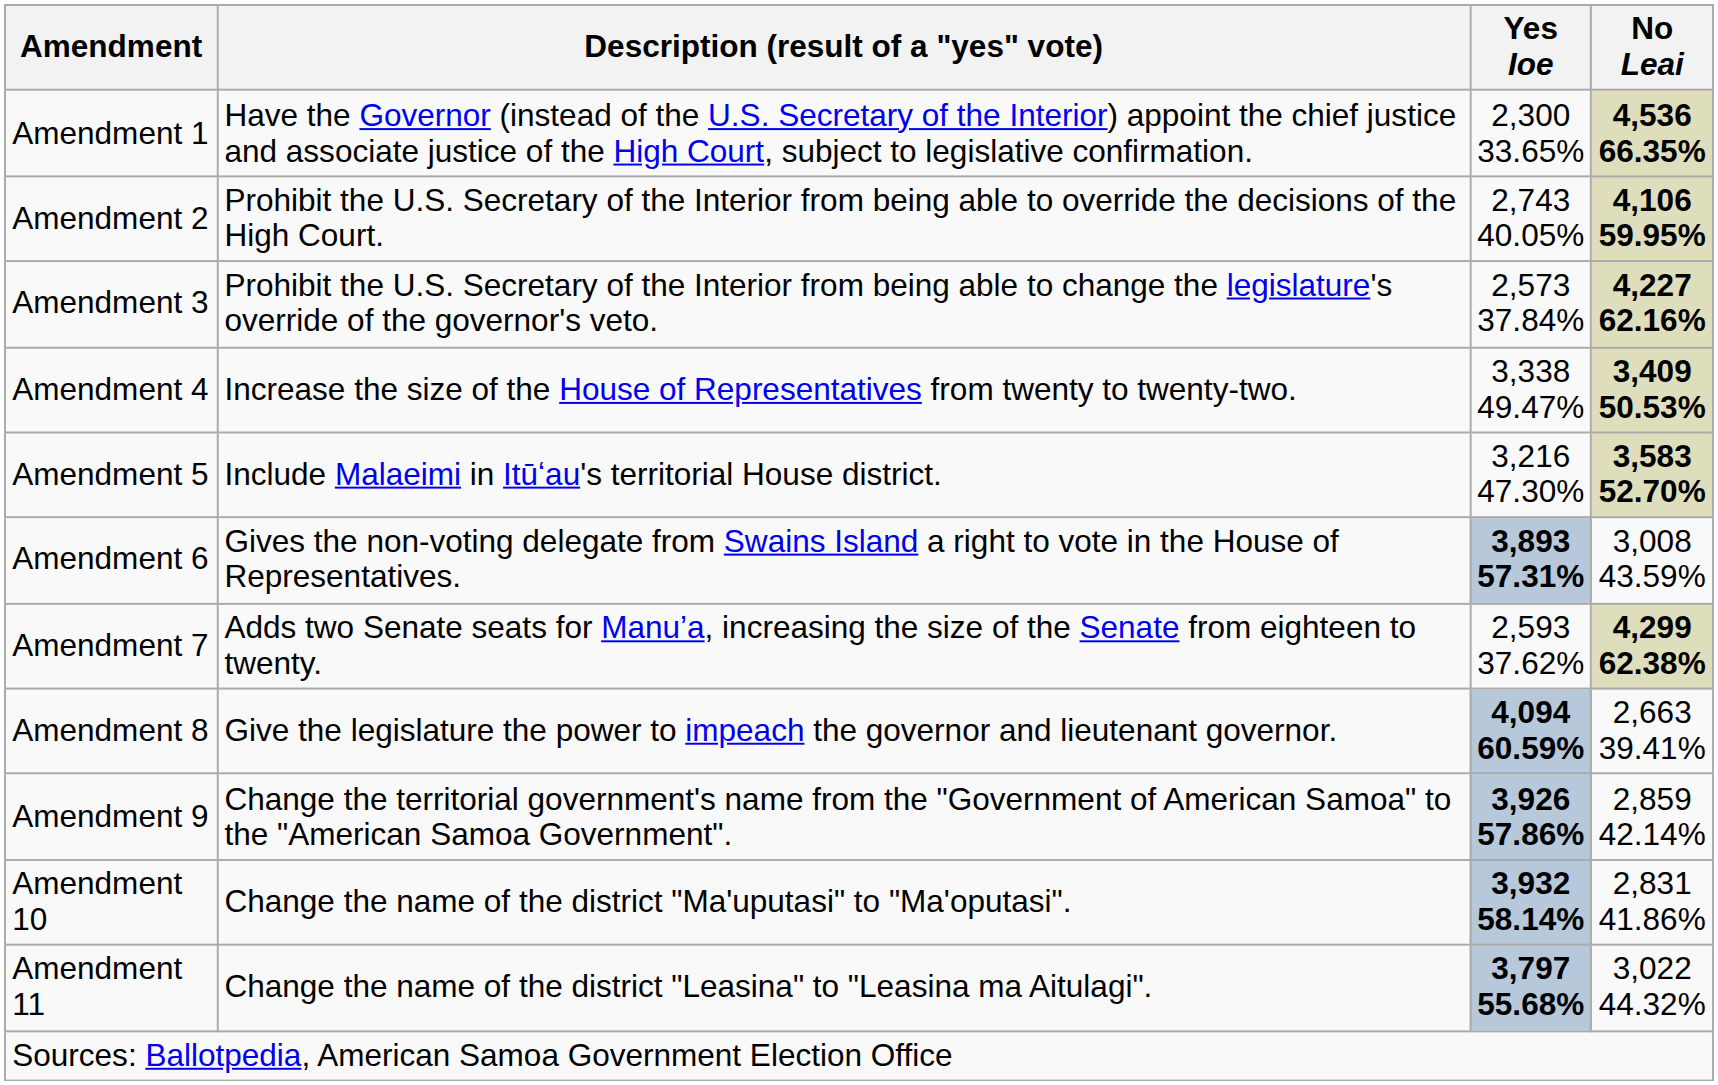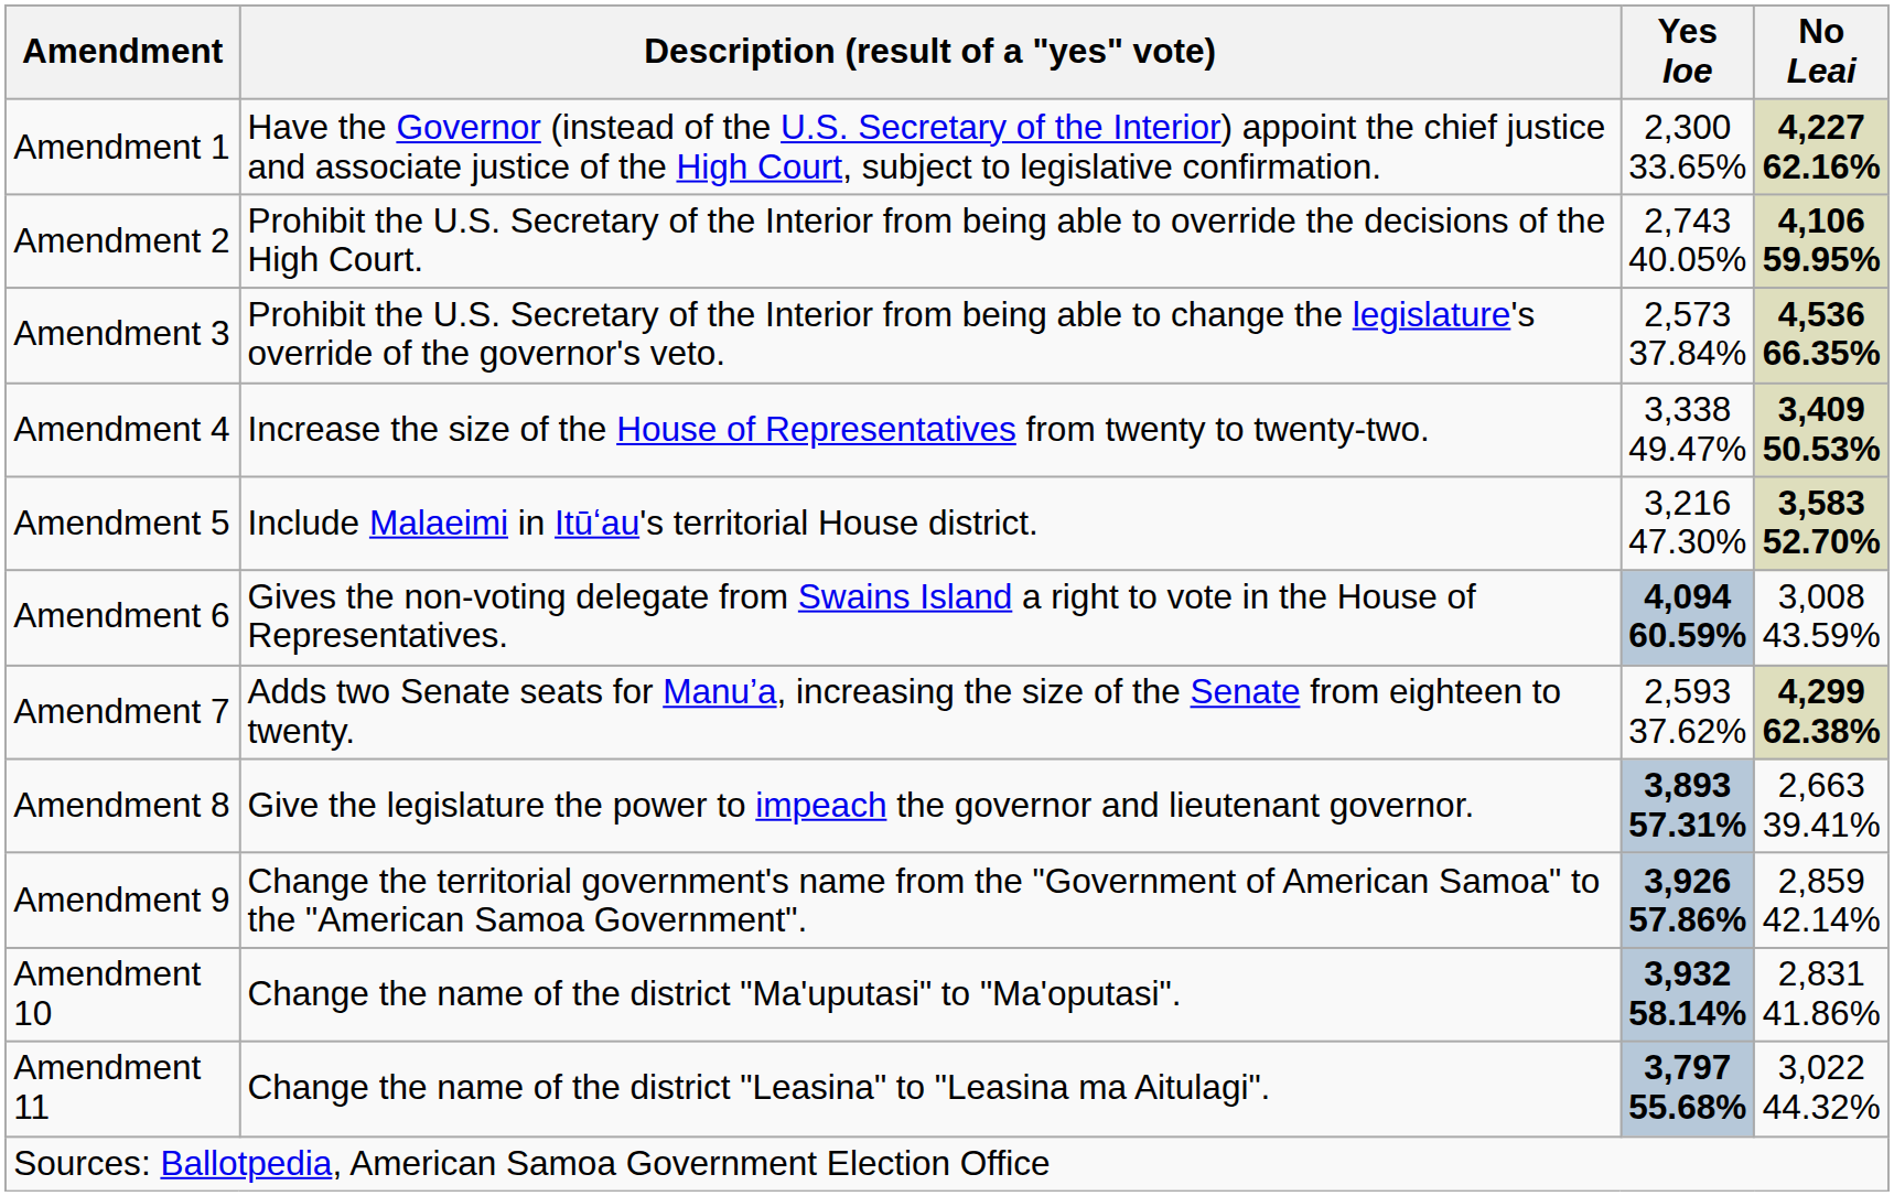 <table class="wikitable sortable plainrowheaders" style="text-align: left;">
 <tr>
 <th>Amendment</th>
 <th>Description (result of a "yes" vote)</th>
 <th>Yes<br><em>Ioe</em></th>
 <th>No<br><em>Leai</em></th>
 </tr>
 <tr>
 <td>Amendment 1</td>
 <td>Have the <a href='#'>Governor</a> (instead of the <a href='#'>U.S. Secretary of the Interior</a>) appoint the chief justice and associate justice of the <a href='#'>High Court</a>, subject to legislative confirmation.</td>
 <td style="text-align:center;">2,300<br>33.65%</td>
-<td style="text-align:center; background-color:#DEDEBD"><strong>4,536<br>66.35%</strong></td>
+<td style="text-align:center; background-color:#DEDEBD"><strong>4,227<br>62.16%</strong></td>
 </tr>
 <tr>
 <td>Amendment 2</td>
 <td>Prohibit the U.S. Secretary of the Interior from being able to override the decisions of the High Court.</td>
 <td style="text-align:center;">2,743<br>40.05%</td>
 <td style="text-align:center; background-color:#DEDEBD"><strong>4,106<br>59.95%</strong></td>
 </tr>
 <tr>
 <td>Amendment 3</td>
 <td>Prohibit the U.S. Secretary of the Interior from being able to change the <a href='#'>legislature</a>'s override of the governor's veto.</td>
 <td style="text-align:center;">2,573<br>37.84%</td>
-<td style="text-align:center; background-color:#DEDEBD"><strong>4,227<br>62.16%</strong></td>
+<td style="text-align:center; background-color:#DEDEBD"><strong>4,536<br>66.35%</strong></td>
 </tr>
 <tr>
 <td>Amendment 4</td>
 <td>Increase the size of the <a href='#'>House of Representatives</a> from twenty to twenty-two.</td>
 <td style="text-align:center;">3,338<br>49.47%</td>
 <td style="text-align:center; background-color:#DEDEBD"><strong>3,409<br>50.53%</strong></td>
 </tr>
 <tr>
 <td>Amendment 5</td>
 <td>Include <a href='#'>Malaeimi</a> in <a href='#'>Itūʻau</a>'s territorial House district.</td>
 <td style="text-align:center;">3,216<br>47.30%</td>
 <td style="text-align:center; background-color:#DEDEBD"><strong>3,583<br>52.70%</strong></td>
 </tr>
 <tr>
 <td>Amendment 6</td>
 <td>Gives the non-voting delegate from <a href='#'>Swains Island</a> a right to vote in the House of Representatives.</td>
-<td style="text-align:center; background-color:#B6C8D9"><strong>3,893<br>57.31%</strong></td>
+<td style="text-align:center; background-color:#B6C8D9"><strong>4,094<br>60.59%</strong></td>
 <td style="text-align:center;">3,008<br>43.59%</td>
 </tr>
 <tr>
 <td>Amendment 7</td>
 <td>Adds two Senate seats for <a href='#'>Manu’a</a>, increasing the size of the <a href='#'>Senate</a> from eighteen to twenty.</td>
 <td style="text-align:center;">2,593<br>37.62%</td>
 <td style="text-align:center; background-color:#DEDEBD"><strong>4,299<br>62.38%</strong></td>
 </tr>
 <tr>
 <td>Amendment 8</td>
 <td>Give the legislature the power to <a href='#'>impeach</a> the governor and lieutenant governor.</td>
-<td style="text-align:center; background-color:#B6C8D9"><strong>4,094<br>60.59%</strong></td>
+<td style="text-align:center; background-color:#B6C8D9"><strong>3,893<br>57.31%</strong></td>
 <td style="text-align:center;">2,663<br>39.41%</td>
 </tr>
 <tr>
 <td>Amendment 9</td>
 <td>Change the territorial government's name from the "Government of American Samoa" to the "American Samoa Government".</td>
 <td style="text-align:center; background-color:#B6C8D9"><strong>3,926<br>57.86%</strong></td>
 <td style="text-align:center;">2,859<br>42.14%</td>
 </tr>
 <tr>
 <td>Amendment 10</td>
 <td>Change the name of the district "Ma'uputasi" to "Ma'oputasi".</td>
 <td style="text-align:center; background-color:#B6C8D9"><strong>3,932<br>58.14%</strong></td>
 <td style="text-align:center;">2,831<br>41.86%</td>
 </tr>
 <tr>
 <td>Amendment 11</td>
 <td>Change the name of the district "Leasina" to "Leasina ma Aitulagi".</td>
 <td style="text-align:center; background-color:#B6C8D9"><strong>3,797<br>55.68%</strong></td>
 <td style="text-align:center;">3,022<br>44.32%</td>
 </tr>
 <tr>
 <td colspan=4>Sources: <a href='#'>Ballotpedia</a>, American Samoa Government Election Office</td>
 </tr>
 </table>
